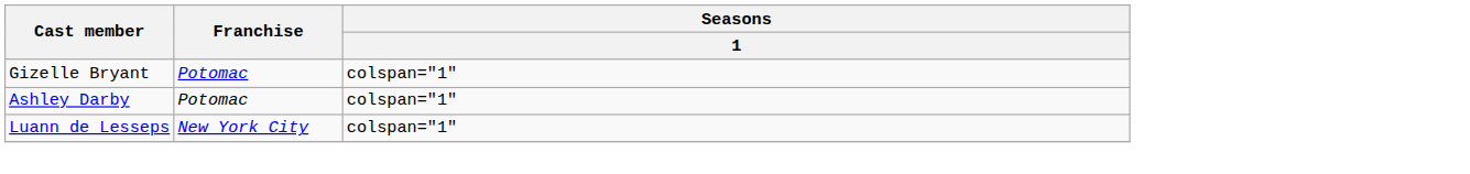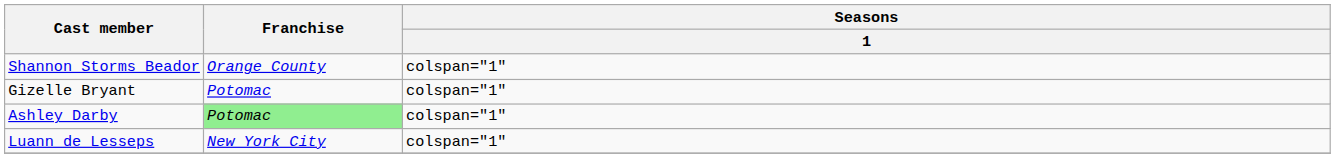 <table class="wikitable plainrowheaders">
 <tr>
 <th rowspan="2" style="width:15%">Cast member</th>
 <th rowspan="2" style="width:15%">Franchise</th>
 <th colspan="1">Seasons</th>
 </tr>
 <tr>
 <th>1</th>
 </tr>
 <tr>
+<td nowrap><a href='#'>Shannon Storms Beador</a></td>
+<td nowrap><em><a href='#'>Orange County</a></em></td>
+<td>colspan="1" </td>
+</tr>
+<tr>
 <td>Gizelle Bryant</td>
 <td><em><a href='#'>Potomac</a></em></td>
 <td>colspan="1" </td>
 </tr>
 <tr>
 <td nowrap><a href='#'>Ashley Darby</a></td>
-<td><em>Potomac</em></td>
+<td style="background: lightgreen;"><em>Potomac</em></td>
 <td>colspan="1" </td>
 </tr>
 <tr>
 <td nowrap><a href='#'>Luann de Lesseps</a></td>
 <td><em><a href='#'>New York City</a></em></td>
 <td>colspan="1" </td>
 </tr>
 <tr>
 </tr>
 </table>
